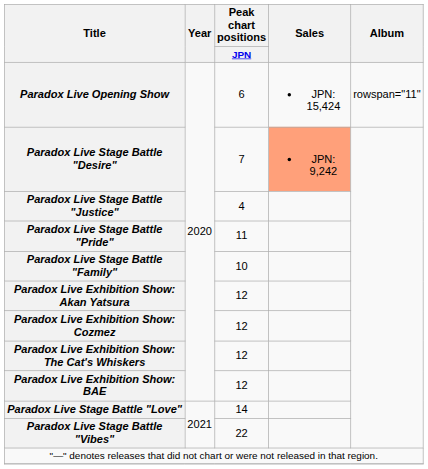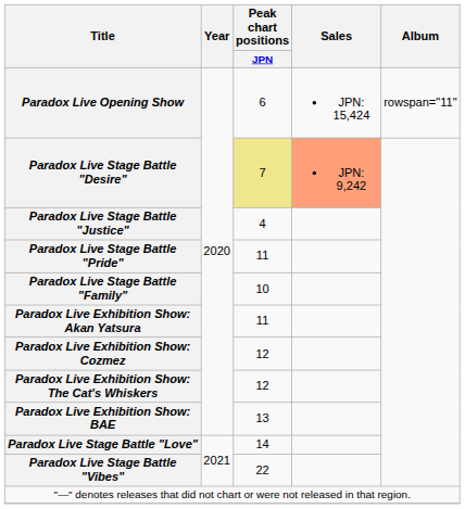 <table class="wikitable plainrowheaders" style="text-align:center;">
 <tr>
 <th scope="col" rowspan="2">Title</th>
 <th scope="col" rowspan="2">Year</th>
 <th scope="col" colspan="1" width="30">Peak chart positions</th>
 <th scope="col" rowspan="2">Sales<br></th>
 <th scope="col" rowspan="2">Album</th>
 </tr>
 <tr>
 <th scope="col" style="font-size:90%;"><a href='#'>JPN</a><br></th>
 </tr>
 <tr>
 <th scope="row"><em>Paradox Live Opening Show</em></th>
 <td rowspan="9">2020</td>
 <td>6</td>
 <td><br><ul><li>JPN: 15,424</li></ul></td>
 <td>rowspan="11" </td>
 </tr>
 <tr>
 <th scope="row"><em>Paradox Live Stage Battle "Desire"</em></th>
-<td>7</td>
+<td style="background: khaki;">7</td>
 <td style="background: lightsalmon;"><br><ul><li>JPN: 9,242</li></ul></td>
 </tr>
 <tr>
 <th scope="row"><em>Paradox Live Stage Battle "Justice"</em></th>
 <td>4</td>
 <td></td>
 </tr>
 <tr>
 <th scope="row"><em>Paradox Live Stage Battle "Pride"</em></th>
 <td>11</td>
 <td></td>
 </tr>
 <tr>
 <th scope="row"><em>Paradox Live Stage Battle "Family"</em></th>
 <td>10</td>
 <td></td>
 </tr>
 <tr>
 <th scope="row"><em>Paradox Live Exhibition Show: Akan Yatsura</em></th>
-<td>12</td>
+<td>11</td>
 <td></td>
 </tr>
 <tr>
 <th scope="row"><em>Paradox Live Exhibition Show: Cozmez</em></th>
 <td>12</td>
 <td></td>
 </tr>
 <tr>
 <th scope="row"><em>Paradox Live Exhibition Show: The Cat's Whiskers</em></th>
 <td>12</td>
 <td></td>
 </tr>
 <tr>
 <th scope="row"><em>Paradox Live Exhibition Show: BAE</em></th>
-<td>12</td>
+<td>13</td>
 <td></td>
 </tr>
 <tr>
 <th scope="row"><em>Paradox Live Stage Battle "Love"</em></th>
 <td rowspan="2">2021</td>
 <td>14</td>
 <td></td>
 </tr>
 <tr>
 <th scope="row"><em>Paradox Live Stage Battle "Vibes"</em></th>
 <td>22</td>
 <td></td>
 </tr>
 <tr>
 <td colspan="5" style="font-size:90%;">"—" denotes releases that did not chart or were not released in that region.</td>
 </tr>
 <tr>
 </tr>
 </table>
